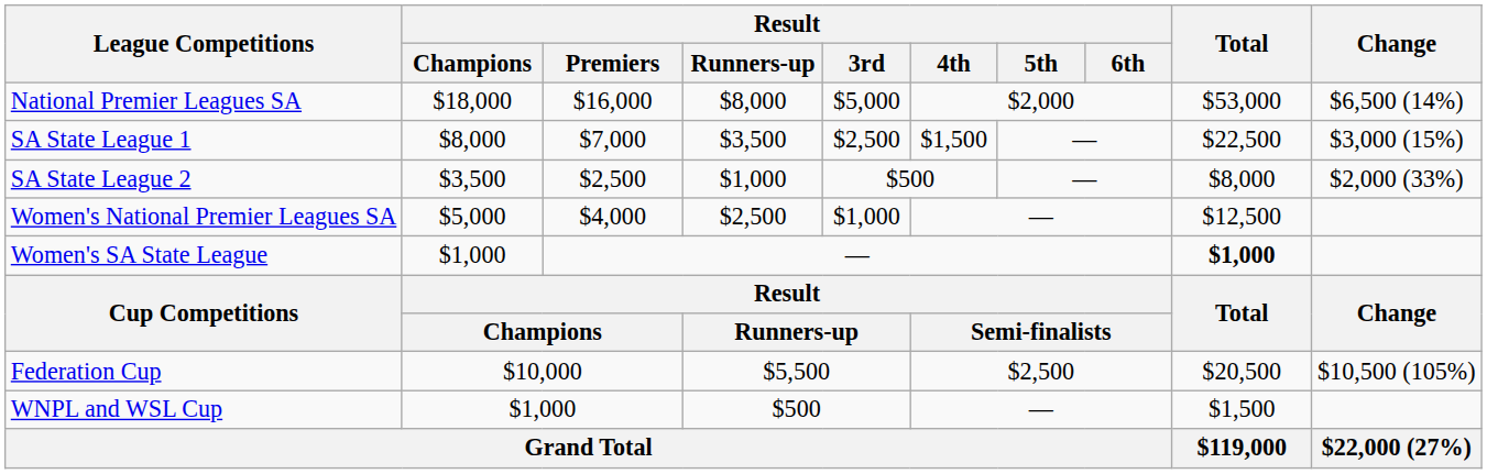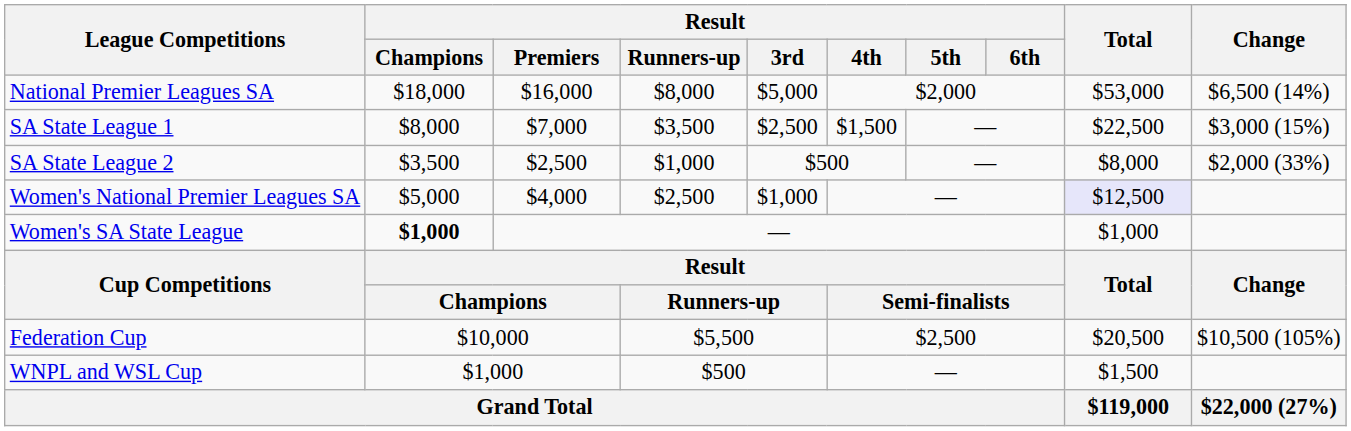 <table class="wikitable" style="text-align:center">
 <tr>
 <th rowspan=2>League Competitions</th>
 <th colspan=7>Result</th>
 <th rowspan=2 width=85px>Total</th>
 <th rowspan=2>Change</th>
 </tr>
 <tr>
 <th width=85px>Champions</th>
 <th width=85px>Premiers</th>
 <th width=85px>Runners-up</th>
 <th width=50px>3rd</th>
 <th width=50px>4th</th>
 <th width=50px>5th</th>
 <th width=50px>6th</th>
 </tr>
 <tr>
 <td align=left><a href='#'>National Premier Leagues SA</a></td>
 <td>$18,000</td>
 <td>$16,000</td>
 <td>$8,000</td>
 <td>$5,000</td>
 <td colspan=3>$2,000</td>
 <td>$53,000</td>
 <td> $6,500 (14%)</td>
 </tr>
 <tr>
 <td align=left><a href='#'>SA State League 1</a></td>
 <td>$8,000</td>
 <td>$7,000</td>
 <td>$3,500</td>
 <td>$2,500</td>
 <td>$1,500</td>
 <td colspan=2>—</td>
 <td>$22,500</td>
 <td> $3,000 (15%)</td>
 </tr>
 <tr>
 <td align=left><a href='#'>SA State League 2</a></td>
 <td>$3,500</td>
 <td>$2,500</td>
 <td>$1,000</td>
 <td colspan=2>$500</td>
 <td colspan=2>—</td>
 <td>$8,000</td>
 <td> $2,000 (33%)</td>
 </tr>
 <tr>
 <td align=left><a href='#'>Women's National Premier Leagues SA</a></td>
 <td>$5,000</td>
 <td>$4,000</td>
 <td>$2,500</td>
 <td>$1,000</td>
 <td colspan=3>—</td>
-<td>$12,500</td>
+<td style="background: lavender;">$12,500</td>
 <td></td>
 </tr>
 <tr>
 <td align=left><a href='#'>Women's SA State League</a></td>
+<td><strong>$1,000</strong></td>
+<td colspan=6>—</td>
 <td>$1,000</td>
-<td colspan=6>—</td>
-<td><strong>$1,000</strong></td>
 <td></td>
 </tr>
 <tr>
 <th rowspan=2>Cup Competitions</th>
 <th colspan=7>Result</th>
 <th rowspan=2 width=85px>Total</th>
 <th rowspan=2>Change</th>
 </tr>
 <tr>
 <th colspan=2>Champions</th>
 <th colspan=2>Runners-up</th>
 <th colspan=3>Semi-finalists</th>
 </tr>
 <tr>
 <td align=left><a href='#'>Federation Cup</a></td>
 <td colspan=2>$10,000</td>
 <td colspan=2>$5,500</td>
 <td colspan=3>$2,500</td>
 <td>$20,500</td>
 <td> $10,500 (105%)</td>
 </tr>
 <tr>
 <td align=left><a href='#'>WNPL and WSL Cup</a></td>
 <td colspan=2>$1,000</td>
 <td colspan=2>$500</td>
 <td colspan=3>—</td>
 <td>$1,500</td>
 <td></td>
 </tr>
 <tr>
 <th colspan=8>Grand Total</th>
 <th>$119,000</th>
 <th> $22,000 (27%)</th>
 </tr>
 </table>
